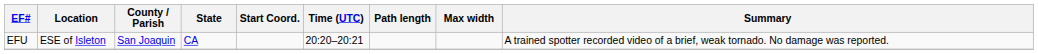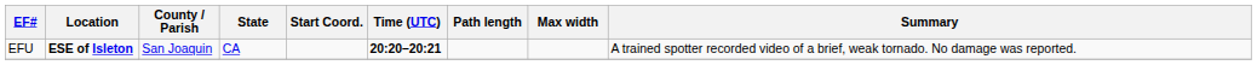 <table class="wikitable sortable" style="width:100%;">
 <tr>
 <th scope="col"  style="width:3%; text-align:center;"><a href='#'>EF#</a></th>
 <th scope="col"  style="width:7%; text-align:center;" class="unsortable">Location</th>
 <th scope="col"  style="width:6%; text-align:center;" class="unsortable">County / Parish</th>
 <th scope="col"  style="width:5%; text-align:center;">State</th>
 <th scope="col"  style="width:6%; text-align:center;">Start Coord.</th>
 <th scope="col"  style="width:6%; text-align:center;">Time (<a href='#'>UTC</a>)</th>
 <th scope="col"  style="width:6%; text-align:center;">Path length</th>
 <th scope="col"  style="width:6%; text-align:center;">Max width</th>
 <th scope="col" class="unsortable" style="width:48%; text-align:center;">Summary</th>
 </tr>
 <tr>
 <td>EFU</td>
-<td>ESE of <a href='#'>Isleton</a></td>
+<td><strong>ESE of <a href='#'>Isleton</a></strong></td>
 <td><a href='#'>San Joaquin</a></td>
 <td><a href='#'>CA</a></td>
 <td></td>
-<td>20:20–20:21</td>
+<td><strong>20:20–20:21</strong></td>
 <td></td>
 <td></td>
 <td>A trained spotter recorded video of a brief, weak tornado. No damage was reported.</td>
 </tr>
 <tr>
 </tr>
 </table>
